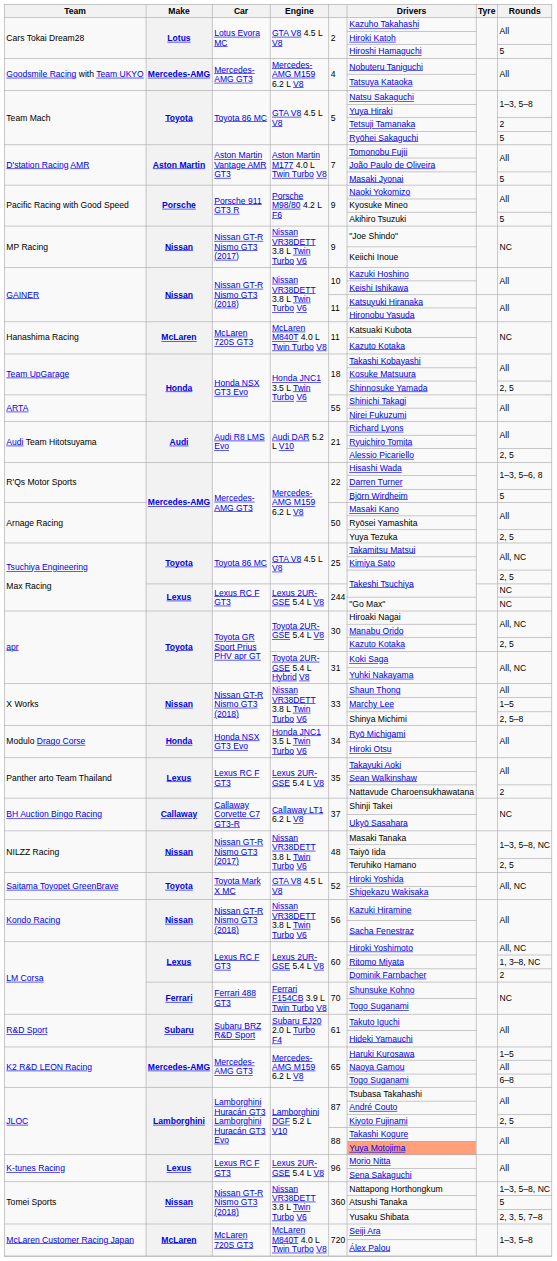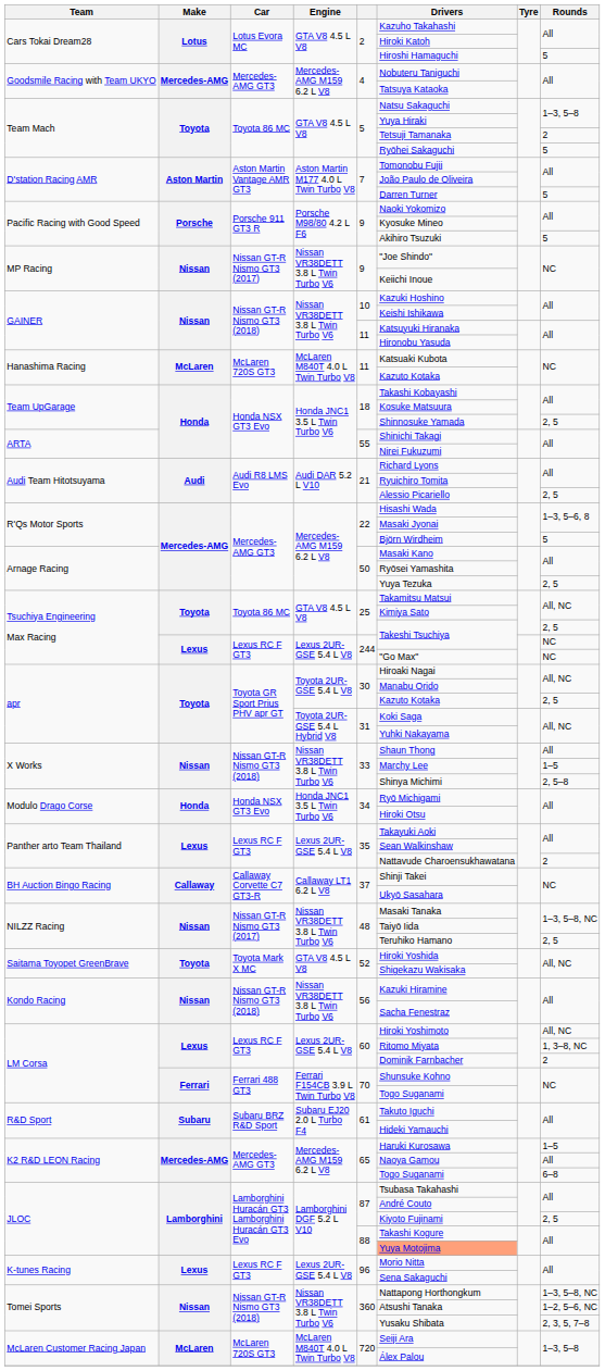 <table class="wikitable" style="font-size: 85%">
 <tr>
 <th>Team</th>
 <th>Make</th>
 <th>Car</th>
 <th>Engine</th>
 <th></th>
 <th>Drivers</th>
 <th>Tyre</th>
 <th>Rounds</th>
 </tr>
 <tr>
 <td rowspan="3"> Cars Tokai Dream28 </td>
 <th rowspan="3"><a href='#'>Lotus</a></th>
 <td rowspan="3"><a href='#'>Lotus Evora MC</a></td>
 <td rowspan="3"><a href='#'>GTA V8</a> 4.5 L <a href='#'>V8</a></td>
 <td rowspan="3">2</td>
 <td> <a href='#'>Kazuho Takahashi</a></td>
 <td rowspan="3" align=center></td>
 <td rowspan="2">All</td>
 </tr>
 <tr>
 <td> <a href='#'>Hiroki Katoh</a></td>
 </tr>
 <tr>
 <td> <a href='#'>Hiroshi Hamaguchi</a></td>
 <td>5</td>
 </tr>
 <tr>
 <td rowspan="2" nowrap> <a href='#'>Goodsmile Racing</a> with <a href='#'>Team UKYO</a></td>
 <th rowspan=2 nowrap><a href='#'>Mercedes-AMG</a></th>
 <td rowspan="2"><a href='#'>Mercedes-AMG GT3</a></td>
 <td rowspan="2"><a href='#'>Mercedes-AMG M159</a> 6.2 L <a href='#'>V8</a></td>
 <td rowspan="2">4</td>
 <td> <a href='#'>Nobuteru Taniguchi</a></td>
 <td rowspan="2" align=center></td>
 <td rowspan="2">All</td>
 </tr>
 <tr>
 <td> <a href='#'>Tatsuya Kataoka</a></td>
 </tr>
 <tr>
 <td rowspan=4> Team Mach</td>
 <th rowspan=4><a href='#'>Toyota</a></th>
 <td rowspan=4><a href='#'>Toyota 86 MC</a></td>
 <td rowspan=4><a href='#'>GTA V8</a> 4.5 L <a href='#'>V8</a></td>
 <td rowspan=4>5</td>
 <td> <a href='#'>Natsu Sakaguchi</a></td>
 <td rowspan="4" align="center"></td>
 <td rowspan=2>1–3, 5–8</td>
 </tr>
 <tr>
 <td> <a href='#'>Yuya Hiraki</a></td>
 </tr>
 <tr>
 <td> <a href='#'>Tetsuji Tamanaka</a></td>
 <td>2</td>
 </tr>
 <tr>
 <td> <a href='#'>Ryōhei Sakaguchi</a></td>
 <td>5</td>
 </tr>
 <tr>
 <td rowspan=3> <a href='#'>D'station Racing</a> <a href='#'>AMR</a></td>
 <th rowspan=3><a href='#'>Aston Martin</a></th>
 <td rowspan=3><a href='#'>Aston Martin Vantage AMR GT3</a></td>
 <td rowspan=3><a href='#'>Aston Martin</a> <a href='#'>M177</a> 4.0 L <a href='#'>Twin Turbo</a> <a href='#'>V8</a></td>
 <td rowspan=3>7</td>
 <td> <a href='#'>Tomonobu Fujii</a></td>
 <td rowspan=3 align=center></td>
 <td rowspan=2>All</td>
 </tr>
 <tr>
 <td> <a href='#'>João Paulo de Oliveira</a></td>
 </tr>
 <tr>
-<td> <a href='#'>Masaki Jyonai</a></td>
+<td> <a href='#'>Darren Turner</a></td>
 <td>5</td>
 </tr>
 <tr>
 <td rowspan="3"> Pacific Racing with Good Speed</td>
 <th rowspan="3"><a href='#'>Porsche</a></th>
 <td rowspan="3"><a href='#'>Porsche 911 GT3 R</a></td>
 <td rowspan="3"><a href='#'>Porsche M98/80</a> 4.2 L <a href='#'>F6</a></td>
 <td rowspan="3">9</td>
 <td> <a href='#'>Naoki Yokomizo</a></td>
 <td rowspan="3" align="center"></td>
 <td rowspan="2">All</td>
 </tr>
 <tr>
 <td> Kyosuke Mineo</td>
 </tr>
 <tr>
 <td> Akihiro Tsuzuki</td>
 <td>5</td>
 </tr>
 <tr>
 <td rowspan="2"> MP Racing</td>
 <th rowspan="2"><a href='#'>Nissan</a></th>
 <td rowspan="2"><a href='#'>Nissan GT-R Nismo GT3 (2017)</a></td>
 <td rowspan="2"><a href='#'>Nissan VR38DETT</a> 3.8 L <a href='#'>Twin Turbo</a> <a href='#'>V6</a></td>
 <td rowspan="2">9</td>
 <td> "Joe Shindo"</td>
 <td rowspan="2" align=center></td>
 <td rowspan="2">NC</td>
 </tr>
 <tr>
 <td> Keiichi Inoue</td>
 </tr>
 <tr>
 <td rowspan="4"> <a href='#'>GAINER</a></td>
 <th rowspan="4"><a href='#'>Nissan</a></th>
 <td rowspan="4"><a href='#'>Nissan GT-R Nismo GT3 (2018)</a></td>
 <td rowspan="4"><a href='#'>Nissan VR38DETT</a> 3.8 L <a href='#'>Twin Turbo</a> <a href='#'>V6</a></td>
 <td rowspan="2">10</td>
 <td> <a href='#'>Kazuki Hoshino</a></td>
 <td rowspan="2" align=center></td>
 <td rowspan="2">All</td>
 </tr>
 <tr>
 <td> <a href='#'>Keishi Ishikawa</a></td>
 </tr>
 <tr>
 <td rowspan="2">11</td>
 <td> <a href='#'>Katsuyuki Hiranaka</a></td>
 <td rowspan=2 align=center></td>
 <td rowspan="2">All</td>
 </tr>
 <tr>
 <td> <a href='#'>Hironobu Yasuda</a></td>
 </tr>
 <tr>
 <td rowspan="2"> Hanashima Racing</td>
 <th rowspan="2"><a href='#'>McLaren</a></th>
 <td rowspan="2"><a href='#'>McLaren 720S GT3</a></td>
 <td rowspan="2"><a href='#'>McLaren M840T</a> 4.0 L <a href='#'>Twin Turbo</a> <a href='#'>V8</a></td>
 <td rowspan="2">11</td>
 <td> Katsuaki Kubota</td>
 <td rowspan="2" align=center></td>
 <td rowspan="2">NC</td>
 </tr>
 <tr>
 <td> <a href='#'>Kazuto Kotaka</a></td>
 </tr>
 <tr>
 <td rowspan="3"> <a href='#'>Team UpGarage</a></td>
 <th rowspan="5"><a href='#'>Honda</a></th>
 <td rowspan="5"><a href='#'>Honda NSX GT3 Evo</a></td>
 <td rowspan="5"><a href='#'>Honda JNC1</a> 3.5 L <a href='#'>Twin Turbo</a> <a href='#'>V6</a></td>
 <td rowspan="3">18</td>
 <td> <a href='#'>Takashi Kobayashi</a></td>
 <td rowspan="3" align="center"></td>
 <td rowspan="2">All</td>
 </tr>
 <tr>
 <td> <a href='#'>Kosuke Matsuura</a></td>
 </tr>
 <tr>
 <td> <a href='#'>Shinnosuke Yamada</a></td>
 <td>2, 5</td>
 </tr>
 <tr>
 <td rowspan=2> <a href='#'>ARTA</a></td>
 <td rowspan=2>55</td>
 <td> <a href='#'>Shinichi Takagi</a></td>
 <td rowspan="2" align="center"></td>
 <td rowspan=2>All</td>
 </tr>
 <tr>
 <td> <a href='#'>Nirei Fukuzumi</a></td>
 </tr>
 <tr>
 <td rowspan=3> <a href='#'>Audi</a> Team Hitotsuyama</td>
 <th rowspan=3><a href='#'>Audi</a></th>
 <td rowspan=3><a href='#'>Audi R8 LMS Evo</a></td>
 <td rowspan=3><a href='#'>Audi DAR</a> 5.2 L <a href='#'>V10</a></td>
 <td rowspan=3>21</td>
 <td> <a href='#'>Richard Lyons</a></td>
 <td rowspan="3" align="center"></td>
 <td rowspan=2>All</td>
 </tr>
 <tr>
 <td> <a href='#'>Ryuichiro Tomita</a></td>
 </tr>
 <tr>
 <td> <a href='#'>Alessio Picariello</a></td>
 <td>2, 5</td>
 </tr>
 <tr>
 <td rowspan="3"> R'Qs Motor Sports</td>
 <th rowspan="6"><a href='#'>Mercedes-AMG</a></th>
 <td rowspan="6"><a href='#'>Mercedes-AMG GT3</a></td>
 <td rowspan="6"><a href='#'>Mercedes-AMG M159</a> 6.2 L <a href='#'>V8</a></td>
 <td rowspan="3">22</td>
 <td> <a href='#'>Hisashi Wada</a></td>
 <td rowspan="3" align="center"></td>
 <td rowspan="2">1–3, 5–6, 8</td>
 </tr>
 <tr>
-<td> <a href='#'>Darren Turner</a></td>
+<td> <a href='#'>Masaki Jyonai</a></td>
 </tr>
 <tr>
 <td> <a href='#'>Björn Wirdheim</a></td>
 <td>5</td>
 </tr>
 <tr>
 <td rowspan=3> Arnage Racing</td>
 <td rowspan=3>50</td>
 <td> <a href='#'>Masaki Kano</a></td>
 <td rowspan="3" align="center"></td>
 <td rowspan=2>All</td>
 </tr>
 <tr>
 <td> Ryōsei Yamashita</td>
 </tr>
 <tr>
 <td> Yuya Tezuka</td>
 <td>2, 5</td>
 </tr>
 <tr>
 <td rowspan=5> <a href='#'>Tsuchiya Engineering</a><br><br> Max Racing</td>
 <th rowspan=3><a href='#'>Toyota</a></th>
 <td rowspan=3><a href='#'>Toyota 86 MC</a></td>
 <td rowspan=3><a href='#'>GTA V8</a> 4.5 L <a href='#'>V8</a></td>
 <td rowspan=3>25</td>
 <td> <a href='#'>Takamitsu Matsui</a></td>
 <td rowspan="3" align="center"></td>
 <td rowspan=2>All, NC</td>
 </tr>
 <tr>
 <td> <a href='#'>Kimiya Sato</a></td>
 </tr>
 <tr>
 <td rowspan="2"> <a href='#'>Takeshi Tsuchiya</a></td>
 <td>2, 5</td>
 </tr>
 <tr>
 <th rowspan="2"><a href='#'>Lexus</a></th>
 <td rowspan="2"><a href='#'>Lexus RC F GT3</a></td>
 <td rowspan="2"><a href='#'>Lexus 2UR-GSE</a> 5.4 L <a href='#'>V8</a></td>
 <td rowspan="2">244</td>
 <td rowspan="2" align=center></td>
 <td>NC</td>
 </tr>
 <tr>
 <td> "Go Max"</td>
 <td>NC</td>
 </tr>
 <tr>
 <td rowspan="5"> <a href='#'>apr</a></td>
 <th rowspan="5"><a href='#'>Toyota</a></th>
 <td rowspan="5"><a href='#'>Toyota GR Sport Prius PHV apr GT</a></td>
 <td rowspan="3"><a href='#'>Toyota 2UR-GSE</a> 5.4 L <a href='#'>V8</a></td>
 <td rowspan="3">30</td>
 <td> Hiroaki Nagai</td>
 <td rowspan="3" align="center"></td>
 <td rowspan="2">All, NC</td>
 </tr>
 <tr>
 <td> <a href='#'>Manabu Orido</a></td>
 </tr>
 <tr>
 <td> <a href='#'>Kazuto Kotaka</a></td>
 <td>2, 5</td>
 </tr>
 <tr>
 <td rowspan="2"><a href='#'>Toyota 2UR-GSE</a> 5.4 L <a href='#'>Hybrid</a> <a href='#'>V8</a></td>
 <td rowspan="2">31</td>
 <td> <a href='#'>Koki Saga</a></td>
 <td rowspan="2" align=center></td>
 <td rowspan="2">All, NC</td>
 </tr>
 <tr>
 <td> <a href='#'>Yuhki Nakayama</a></td>
 </tr>
 <tr>
 <td rowspan=3> X Works</td>
 <th rowspan=3><a href='#'>Nissan</a></th>
 <td rowspan=3><a href='#'>Nissan GT-R Nismo GT3 (2018)</a></td>
 <td rowspan=3><a href='#'>Nissan VR38DETT</a> 3.8 L <a href='#'>Twin Turbo</a> <a href='#'>V6</a></td>
 <td rowspan=3>33</td>
 <td> <a href='#'>Shaun Thong</a></td>
 <td rowspan="3" align="center"></td>
 <td>All</td>
 </tr>
 <tr>
 <td> <a href='#'>Marchy Lee</a></td>
 <td>1–5</td>
 </tr>
 <tr>
 <td> Shinya Michimi</td>
 <td>2, 5–8</td>
 </tr>
 <tr>
 <td rowspan=2> Modulo <a href='#'>Drago Corse</a></td>
 <th rowspan=2><a href='#'>Honda</a></th>
 <td rowspan=2><a href='#'>Honda NSX GT3 Evo</a></td>
 <td rowspan=2><a href='#'>Honda JNC1</a> 3.5 L <a href='#'>Twin Turbo</a> <a href='#'>V6</a></td>
 <td rowspan=2>34</td>
 <td> <a href='#'>Ryō Michigami</a></td>
 <td rowspan=2 align=center></td>
 <td rowspan=2>All</td>
 </tr>
 <tr>
 <td> <a href='#'>Hiroki Otsu</a></td>
 </tr>
 <tr>
 <td rowspan=3> Panther arto Team Thailand</td>
 <th rowspan=3><a href='#'>Lexus</a></th>
 <td rowspan=3><a href='#'>Lexus RC F GT3</a></td>
 <td rowspan=3><a href='#'>Lexus 2UR-GSE</a> 5.4 L <a href='#'>V8</a></td>
 <td rowspan=3>35</td>
 <td> <a href='#'>Takayuki Aoki</a></td>
 <td rowspan=3 align=center></td>
 <td rowspan="2">All</td>
 </tr>
 <tr>
 <td> <a href='#'>Sean Walkinshaw</a></td>
 </tr>
 <tr>
 <td nowrap> Nattavude Charoensukhawatana</td>
 <td>2</td>
 </tr>
 <tr>
 <td rowspan="2"> <a href='#'>BH Auction Bingo Racing</a></td>
 <th rowspan="2"><a href='#'>Callaway</a></th>
 <td rowspan="2"><a href='#'>Callaway Corvette C7 GT3-R</a></td>
 <td rowspan="2"><a href='#'>Callaway LT1</a> 6.2 L <a href='#'>V8</a></td>
 <td rowspan="2">37</td>
 <td> Shinji Takei</td>
 <td rowspan="2" align=center></td>
 <td rowspan="2">NC</td>
 </tr>
 <tr>
 <td> <a href='#'>Ukyō Sasahara</a></td>
 </tr>
 <tr>
 <td rowspan=3> NILZZ Racing</td>
 <th rowspan=3><a href='#'>Nissan</a></th>
 <td rowspan=3><a href='#'>Nissan GT-R Nismo GT3 (2017)</a></td>
 <td rowspan=3><a href='#'>Nissan VR38DETT</a> 3.8 L <a href='#'>Twin Turbo</a> <a href='#'>V6</a></td>
 <td rowspan=3>48</td>
 <td> Masaki Tanaka</td>
 <td rowspan="3" align="center"></td>
 <td rowspan=2>1–3, 5–8, NC</td>
 </tr>
 <tr>
 <td> Taiyō Iida</td>
 </tr>
 <tr>
 <td> Teruhiko Hamano</td>
 <td>2, 5</td>
 </tr>
 <tr>
 <td rowspan=2> <a href='#'>Saitama Toyopet GreenBrave</a></td>
 <th rowspan=2><a href='#'>Toyota</a></th>
 <td rowspan=2><a href='#'>Toyota Mark X MC</a></td>
 <td rowspan=2><a href='#'>GTA V8</a> 4.5 L <a href='#'>V8</a></td>
 <td rowspan=2>52</td>
 <td> <a href='#'>Hiroki Yoshida</a></td>
 <td rowspan="2" align=center></td>
 <td rowspan=2>All, NC</td>
 </tr>
 <tr>
 <td> <a href='#'>Shigekazu Wakisaka</a></td>
 </tr>
 <tr>
 <td rowspan=2> <a href='#'>Kondo Racing</a></td>
 <th rowspan=2><a href='#'>Nissan</a></th>
 <td rowspan=2><a href='#'>Nissan GT-R Nismo GT3 (2018)</a></td>
 <td rowspan=2><a href='#'>Nissan VR38DETT</a> 3.8 L <a href='#'>Twin Turbo</a> <a href='#'>V6</a></td>
 <td rowspan=2>56</td>
 <td> <a href='#'>Kazuki Hiramine</a></td>
 <td rowspan=2 align=center></td>
 <td rowspan=2>All</td>
 </tr>
 <tr>
 <td> <a href='#'>Sacha Fenestraz</a></td>
 </tr>
 <tr>
 <td rowspan="5"> <a href='#'>LM Corsa</a></td>
 <th rowspan="3"><a href='#'>Lexus</a></th>
 <td rowspan="3"><a href='#'>Lexus RC F GT3</a></td>
 <td rowspan="3"><a href='#'>Lexus 2UR-GSE</a> 5.4 L <a href='#'>V8</a></td>
 <td rowspan="3">60</td>
 <td> <a href='#'>Hiroki Yoshimoto</a></td>
 <td rowspan="3" align=center></td>
 <td>All, NC</td>
 </tr>
 <tr>
 <td> <a href='#'>Ritomo Miyata</a></td>
 <td>1, 3–8, NC</td>
 </tr>
 <tr>
 <td> <a href='#'>Dominik Farnbacher</a></td>
 <td>2</td>
 </tr>
 <tr>
 <th rowspan="2"><a href='#'>Ferrari</a></th>
 <td rowspan="2"><a href='#'>Ferrari 488 GT3</a></td>
 <td rowspan="2"><a href='#'>Ferrari F154CB</a> 3.9 L <a href='#'>Twin Turbo</a> <a href='#'>V8</a></td>
 <td rowspan="2">70</td>
 <td> <a href='#'>Shunsuke Kohno</a></td>
 <td rowspan="2" align=center></td>
 <td rowspan="2">NC</td>
 </tr>
 <tr>
 <td> <a href='#'>Togo Suganami</a></td>
 </tr>
 <tr>
 <td rowspan=2> <a href='#'>R&D Sport</a></td>
 <th rowspan=2><a href='#'>Subaru</a></th>
 <td rowspan=2><a href='#'>Subaru BRZ R&D Sport</a></td>
 <td rowspan=2><a href='#'>Subaru EJ20</a> 2.0 L <a href='#'>Turbo</a> <a href='#'>F4</a></td>
 <td rowspan=2>61</td>
 <td> <a href='#'>Takuto Iguchi</a></td>
 <td rowspan=2 align=center></td>
 <td rowspan="2">All</td>
 </tr>
 <tr>
 <td> <a href='#'>Hideki Yamauchi</a></td>
 </tr>
 <tr>
 <td rowspan="3"> <a href='#'>K2 R&D LEON Racing</a></td>
 <th rowspan="3"><a href='#'>Mercedes-AMG</a></th>
 <td rowspan="3"><a href='#'>Mercedes-AMG GT3</a></td>
 <td rowspan="3"><a href='#'>Mercedes-AMG M159</a> 6.2 L <a href='#'>V8</a></td>
 <td rowspan="3">65</td>
 <td> <a href='#'>Haruki Kurosawa</a></td>
 <td rowspan="3" align="center"></td>
 <td>1–5</td>
 </tr>
 <tr>
 <td> <a href='#'>Naoya Gamou</a></td>
 <td>All</td>
 </tr>
 <tr>
 <td> <a href='#'>Togo Suganami</a></td>
 <td>6–8</td>
 </tr>
 <tr>
 <td rowspan=5> <a href='#'>JLOC</a></td>
 <th rowspan=5><a href='#'>Lamborghini</a></th>
 <td rowspan=5><a href='#'>Lamborghini Huracán GT3</a> <small></small><br> <a href='#'>Lamborghini Huracán GT3 Evo</a> <small></small></td>
 <td rowspan=5><a href='#'>Lamborghini DGF</a> 5.2 L <a href='#'>V10</a></td>
 <td rowspan=3>87</td>
 <td> Tsubasa Takahashi</td>
 <td rowspan="3" align="center"></td>
 <td rowspan=2>All</td>
 </tr>
 <tr>
 <td> <a href='#'>André Couto</a></td>
 </tr>
 <tr>
 <td> <a href='#'>Kiyoto Fujinami</a></td>
 <td>2, 5</td>
 </tr>
 <tr>
 <td rowspan=2>88</td>
 <td> <a href='#'>Takashi Kogure</a></td>
 <td rowspan="2" align="center"></td>
 <td rowspan=2>All</td>
 </tr>
 <tr>
 <td style="background: lightsalmon;"> <a href='#'>Yuya Motojima</a></td>
 </tr>
 <tr>
 <td rowspan="2"> <a href='#'>K-tunes Racing</a></td>
 <th rowspan="2"><a href='#'>Lexus</a></th>
 <td rowspan="2"><a href='#'>Lexus RC F GT3</a></td>
 <td rowspan="2"><a href='#'>Lexus 2UR-GSE</a> 5.4 L <a href='#'>V8</a></td>
 <td rowspan="2">96</td>
 <td> <a href='#'>Morio Nitta</a></td>
 <td rowspan="2" align=center></td>
 <td rowspan="2">All</td>
 </tr>
 <tr>
 <td> <a href='#'>Sena Sakaguchi</a></td>
 </tr>
 <tr>
 <td rowspan=3> Tomei Sports</td>
 <th rowspan=3><a href='#'>Nissan</a></th>
 <td rowspan=3><a href='#'>Nissan GT-R Nismo GT3 (2018)</a></td>
 <td rowspan=3><a href='#'>Nissan VR38DETT</a> 3.8 L <a href='#'>Twin Turbo</a> <a href='#'>V6</a></td>
 <td rowspan=3>360</td>
 <td> Nattapong Horthongkum</td>
 <td rowspan="3" align="center"></td>
 <td nowrap>1–3, 5–8, NC</td>
 </tr>
 <tr>
 <td> Atsushi Tanaka</td>
-<td>5</td>
+<td nowrap>1–2, 5–6, NC</td>
 </tr>
 <tr>
 <td> Yusaku Shibata</td>
 <td nowrap>2, 3, 5, 7–8</td>
 </tr>
 <tr>
 <td rowspan=2> <a href='#'>McLaren Customer Racing Japan</a></td>
 <th rowspan=2><a href='#'>McLaren</a></th>
 <td rowspan=2><a href='#'>McLaren 720S GT3</a></td>
 <td rowspan=2><a href='#'>McLaren M840T</a> 4.0 L <a href='#'>Twin Turbo</a> <a href='#'>V8</a></td>
 <td rowspan=2>720</td>
 <td> <a href='#'>Seiji Ara</a></td>
 <td rowspan=2 align=center></td>
 <td rowspan=2>1–3, 5–8</td>
 </tr>
 <tr>
 <td> <a href='#'>Álex Palou</a></td>
 </tr>
 <tr>
 </tr>
 </table>
